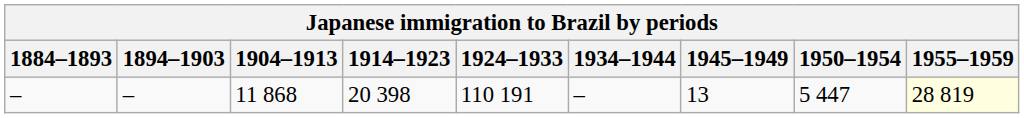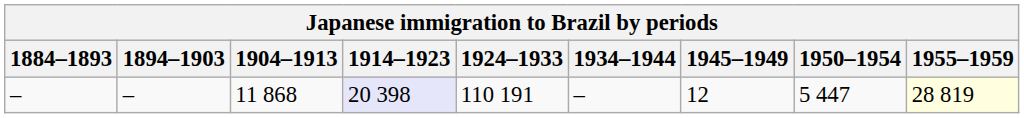 <table class="wikitable">
 <tr>
 <th colspan="9">Japanese immigration to Brazil by periods</th>
 </tr>
 <tr>
 <th><strong>1884–1893</strong></th>
 <th><strong>1894–1903</strong></th>
 <th><strong>1904–1913</strong></th>
 <th><strong>1914–1923</strong></th>
 <th><strong>1924–1933</strong></th>
 <th><strong>1934–1944</strong></th>
 <th><strong>1945–1949</strong></th>
 <th><strong>1950–1954</strong></th>
 <th><strong>1955–1959</strong></th>
 </tr>
 <tr>
 <td>–</td>
 <td>–</td>
 <td>11 868</td>
-<td>20 398</td>
+<td style="background: lavender;">20 398</td>
 <td>110 191</td>
 <td>–</td>
-<td>13</td>
+<td>12</td>
 <td>5 447</td>
 <td style="background: lightyellow;">28 819</td>
 </tr>
 </table>
